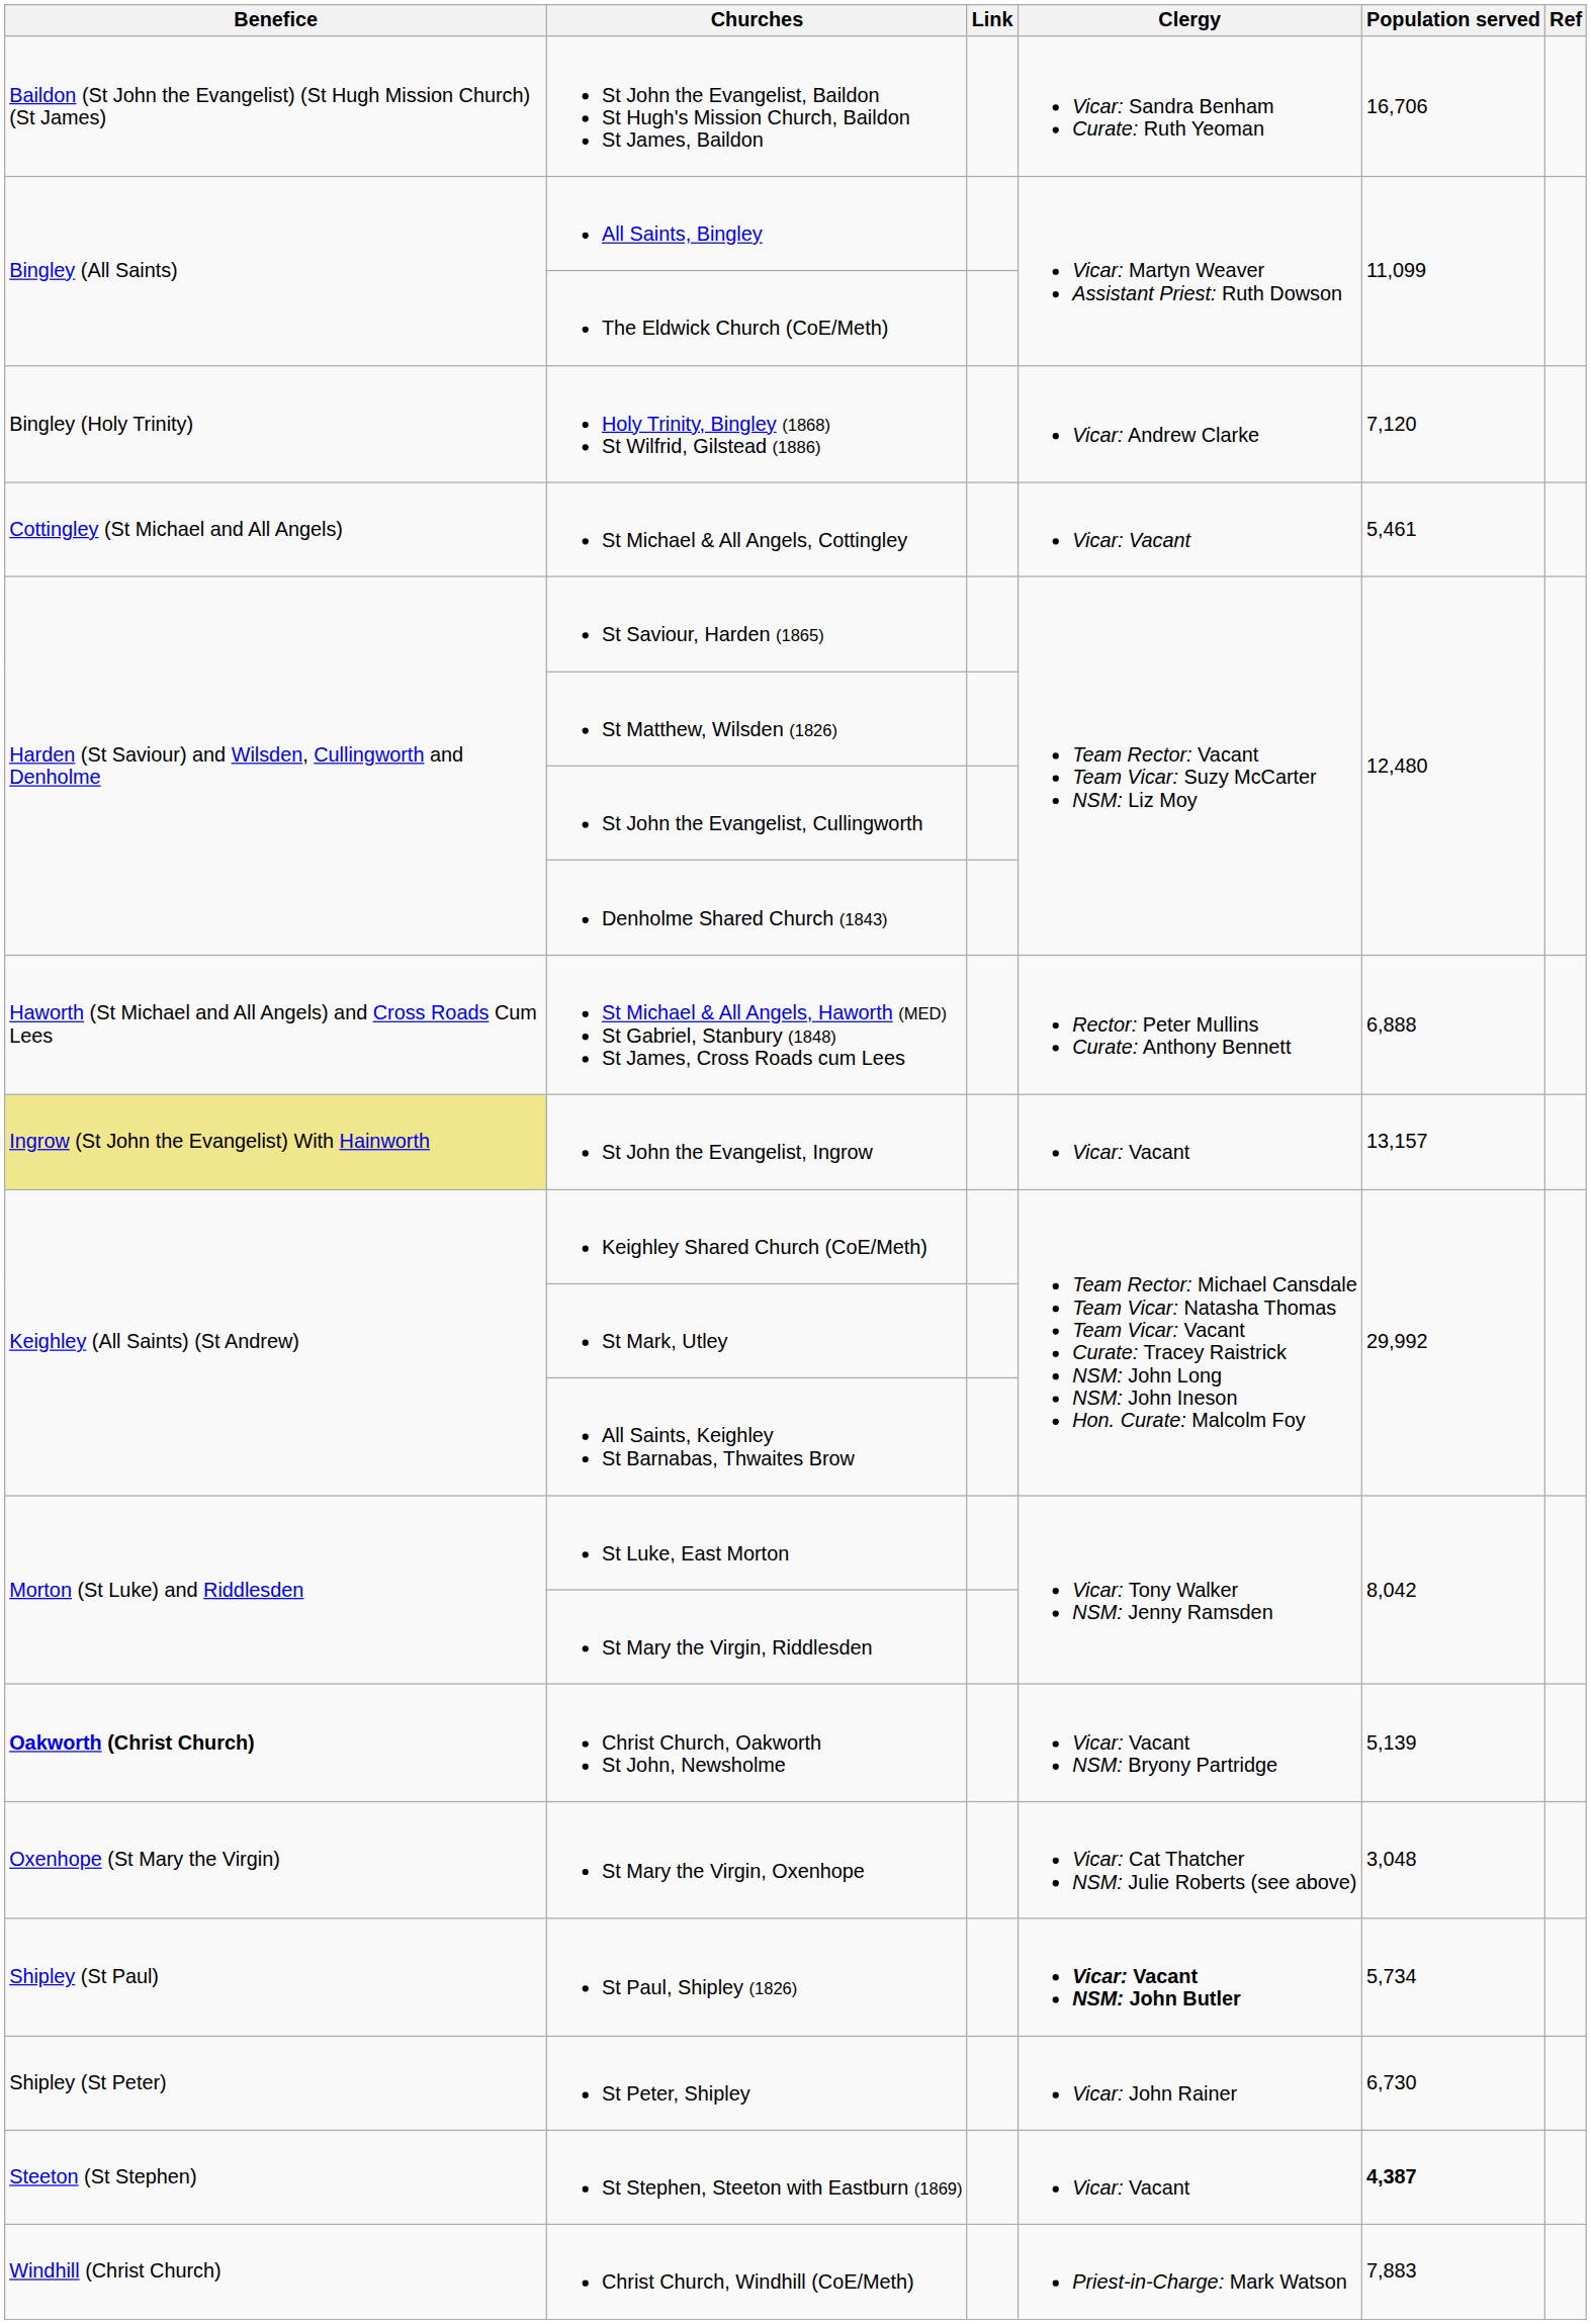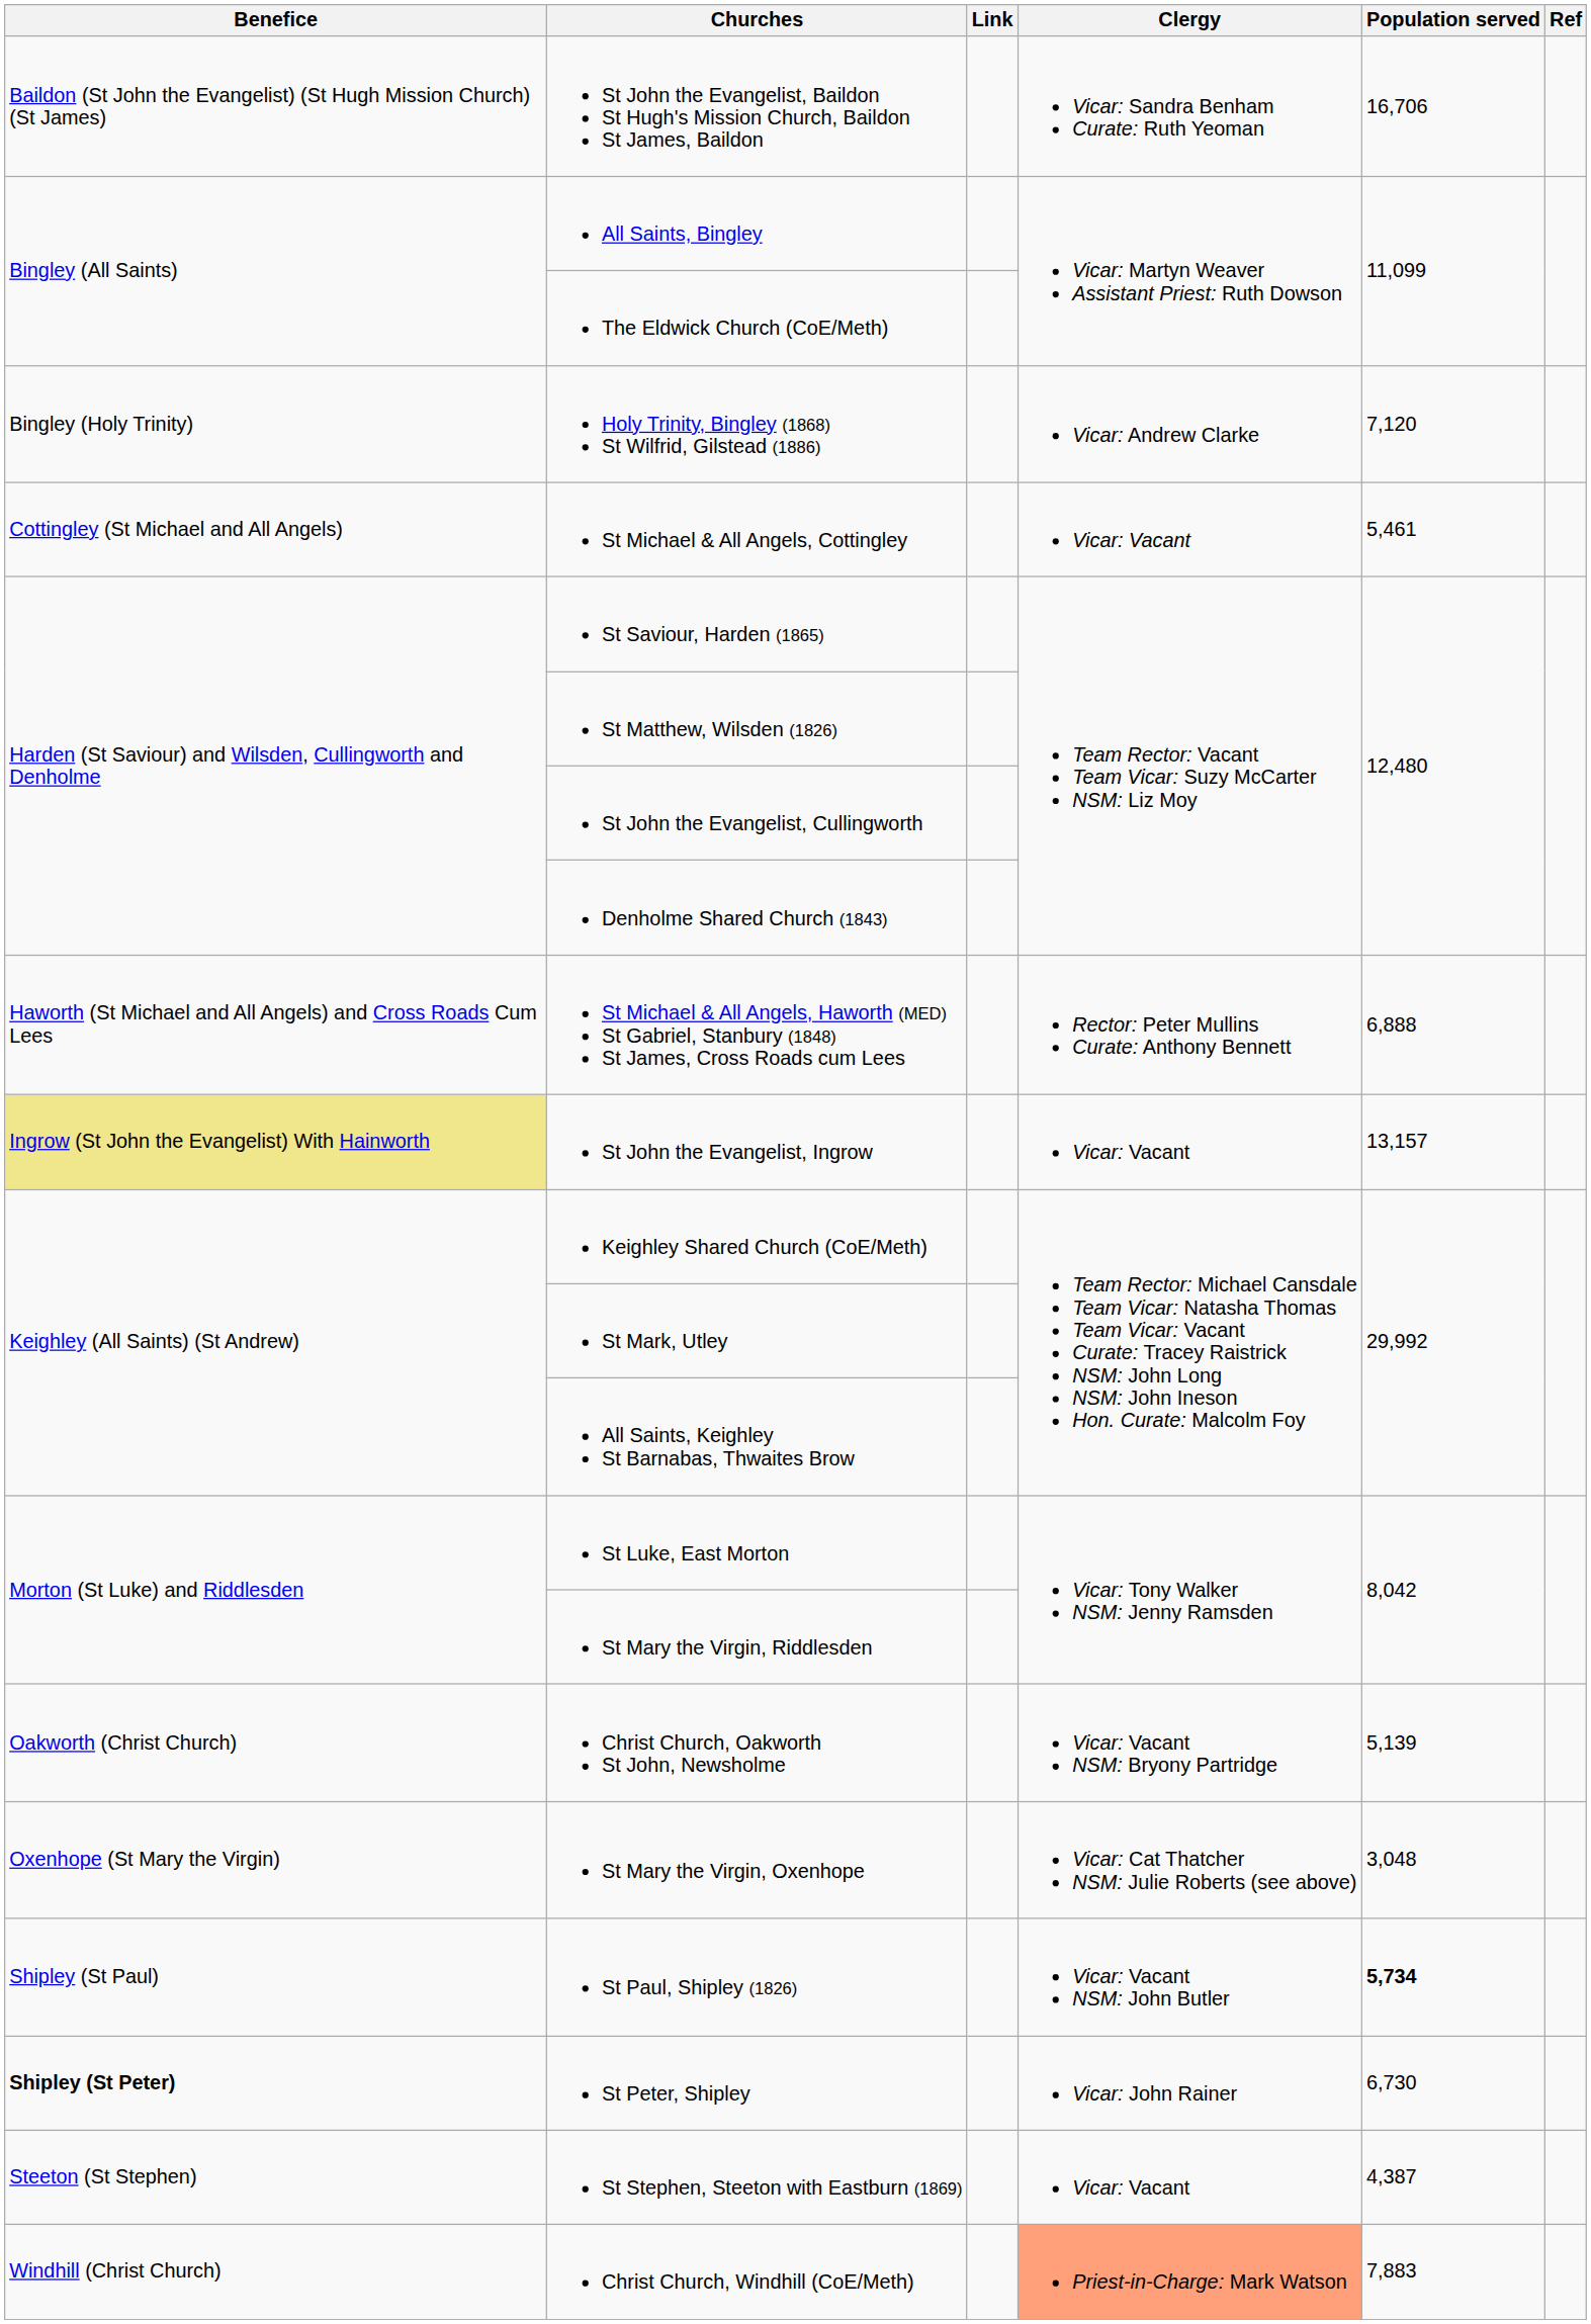 <table class="wikitable">
 <tr>
 <th style="width:425px;">Benefice</th>
 <th>Churches</th>
 <th>Link</th>
 <th>Clergy</th>
 <th>Population served</th>
 <th>Ref</th>
 </tr>
 <tr>
 <td><a href='#'>Baildon</a> (St John the Evangelist) (St Hugh Mission Church) (St James)</td>
 <td><br><ul><li>St John the Evangelist, Baildon</li><li>St Hugh's Mission Church, Baildon</li><li>St James, Baildon</li></ul></td>
 <td></td>
 <td><br><ul><li><em>Vicar:</em> Sandra Benham</li><li><em>Curate:</em> Ruth Yeoman</li></ul></td>
 <td>16,706</td>
 <td></td>
 </tr>
 <tr>
 <td rowspan="2"><a href='#'>Bingley</a> (All Saints)</td>
 <td><br><ul><li><a href='#'>All Saints, Bingley</a></li></ul></td>
 <td></td>
 <td rowspan="2"><br><ul><li><em>Vicar:</em> Martyn Weaver</li><li><em>Assistant Priest:</em> Ruth Dowson</li></ul></td>
 <td rowspan="2">11,099</td>
 <td rowspan="2"></td>
 </tr>
 <tr>
 <td><br><ul><li>The Eldwick Church (CoE/Meth)</li></ul></td>
 <td></td>
 </tr>
 <tr>
 <td>Bingley (Holy Trinity)</td>
 <td><br><ul><li><a href='#'>Holy Trinity, Bingley</a> <small>(1868)</small></li><li>St Wilfrid, Gilstead <small>(1886)</small></li></ul></td>
 <td></td>
 <td><br><ul><li><em>Vicar:</em> Andrew Clarke</li></ul></td>
 <td>7,120</td>
 <td></td>
 </tr>
 <tr>
 <td><a href='#'>Cottingley</a> (St Michael and All Angels)</td>
 <td><br><ul><li>St Michael & All Angels, Cottingley</li></ul></td>
 <td></td>
 <td><br><ul><li><em>Vicar: Vacant</em></li></ul></td>
 <td>5,461</td>
 <td></td>
 </tr>
 <tr>
 <td rowspan="4"><a href='#'>Harden</a> (St Saviour) and <a href='#'>Wilsden</a>, <a href='#'>Cullingworth</a> and <a href='#'>Denholme</a></td>
 <td><br><ul><li>St Saviour, Harden <small>(1865)</small></li></ul></td>
 <td></td>
 <td rowspan="4"><br><ul><li><em>Team Rector:</em> Vacant</li><li><em>Team Vicar:</em> Suzy McCarter</li><li><em>NSM:</em> Liz Moy</li></ul></td>
 <td rowspan="4">12,480</td>
 <td rowspan="4"></td>
 </tr>
 <tr>
 <td><br><ul><li>St Matthew, Wilsden <small>(1826)</small></li></ul></td>
 <td></td>
 </tr>
 <tr>
 <td><br><ul><li>St John the Evangelist, Cullingworth</li></ul></td>
 <td></td>
 </tr>
 <tr>
 <td><br><ul><li>Denholme Shared Church <small>(1843)</small></li></ul></td>
 <td></td>
 </tr>
 <tr>
 <td><a href='#'>Haworth</a> (St Michael and All Angels) and <a href='#'>Cross Roads</a> Cum Lees</td>
 <td><br><ul><li><a href='#'>St Michael & All Angels, Haworth</a> <small>(MED)</small></li><li>St Gabriel, Stanbury <small>(1848)</small></li><li>St James, Cross Roads cum Lees</li></ul></td>
 <td></td>
 <td><br><ul><li><em>Rector:</em> Peter Mullins</li><li><em>Curate:</em> Anthony Bennett</li></ul></td>
 <td>6,888</td>
 <td></td>
 </tr>
 <tr>
 <td style="background: khaki;"><a href='#'>Ingrow</a> (St John the Evangelist) With <a href='#'>Hainworth</a></td>
 <td><br><ul><li>St John the Evangelist, Ingrow</li></ul></td>
 <td></td>
 <td><br><ul><li><em>Vicar:</em> Vacant</li></ul></td>
 <td>13,157</td>
 <td></td>
 </tr>
 <tr>
 <td rowspan="3"><a href='#'>Keighley</a> (All Saints) (St Andrew)</td>
 <td><br><ul><li>Keighley Shared Church (CoE/Meth)</li></ul></td>
 <td></td>
 <td rowspan="3"><br><ul><li><em>Team Rector:</em> Michael Cansdale</li><li><em>Team Vicar:</em> Natasha Thomas</li><li><em>Team Vicar:</em> Vacant</li><li><em>Curate:</em> Tracey Raistrick</li><li><em>NSM:</em> John Long</li><li><em>NSM:</em> John Ineson</li><li><em>Hon. Curate:</em> Malcolm Foy</li></ul></td>
 <td rowspan="3">29,992</td>
 <td rowspan="3"></td>
 </tr>
 <tr>
 <td><br><ul><li>St Mark, Utley</li></ul></td>
 <td></td>
 </tr>
 <tr>
 <td><br><ul><li>All Saints, Keighley</li><li>St Barnabas, Thwaites Brow</li></ul></td>
 <td></td>
 </tr>
 <tr>
 <td rowspan="2"><a href='#'>Morton</a> (St Luke) and <a href='#'>Riddlesden</a></td>
 <td><br><ul><li>St Luke, East Morton</li></ul></td>
 <td></td>
 <td rowspan="2"><br><ul><li><em>Vicar:</em> Tony Walker</li><li><em>NSM:</em> Jenny Ramsden</li></ul></td>
 <td rowspan="2">8,042</td>
 <td rowspan="2"></td>
 </tr>
 <tr>
 <td><br><ul><li>St Mary the Virgin, Riddlesden</li></ul></td>
 <td></td>
 </tr>
 <tr>
-<td><strong><a href='#'>Oakworth</a> (Christ Church)</strong></td>
+<td><a href='#'>Oakworth</a> (Christ Church)</td>
 <td><br><ul><li>Christ Church, Oakworth</li><li>St John, Newsholme</li></ul></td>
 <td></td>
 <td><br><ul><li><em>Vicar:</em> Vacant</li><li><em>NSM:</em> Bryony Partridge</li></ul></td>
 <td>5,139</td>
 <td></td>
 </tr>
 <tr>
 <td><a href='#'>Oxenhope</a> (St Mary the Virgin)</td>
 <td><br><ul><li>St Mary the Virgin, Oxenhope</li></ul></td>
 <td></td>
 <td><br><ul><li><em>Vicar:</em> Cat Thatcher</li><li><em>NSM:</em> Julie Roberts (see above)</li></ul></td>
 <td>3,048</td>
 <td></td>
 </tr>
 <tr>
 <td><a href='#'>Shipley</a> (St Paul)</td>
 <td><br><ul><li>St Paul, Shipley <small>(1826)</small></li></ul></td>
 <td></td>
-<td><strong><br><ul><li><em>Vicar:</em> Vacant</li><li><em>NSM:</em> John Butler</li></ul></strong></td>
-<td>5,734</td>
+<td><br><ul><li><em>Vicar:</em> Vacant</li><li><em>NSM:</em> John Butler</li></ul></td>
+<td><strong>5,734</strong></td>
 <td></td>
 </tr>
 <tr>
-<td>Shipley (St Peter)</td>
+<td><strong>Shipley (St Peter)</strong></td>
 <td><br><ul><li>St Peter, Shipley</li></ul></td>
 <td></td>
 <td><br><ul><li><em>Vicar:</em> John Rainer</li></ul></td>
 <td>6,730</td>
 <td></td>
 </tr>
 <tr>
 <td><a href='#'>Steeton</a> (St Stephen)</td>
 <td><br><ul><li>St Stephen, Steeton with Eastburn <small>(1869)</small></li></ul></td>
 <td></td>
 <td><br><ul><li><em>Vicar:</em> Vacant</li></ul></td>
-<td><strong>4,387</strong></td>
+<td>4,387</td>
 <td></td>
 </tr>
 <tr>
 <td><a href='#'>Windhill</a> (Christ Church)</td>
 <td><br><ul><li>Christ Church, Windhill (CoE/Meth)</li></ul></td>
 <td></td>
-<td><br><ul><li><em>Priest-in-Charge:</em> Mark Watson</li></ul></td>
+<td style="background: lightsalmon;"><br><ul><li><em>Priest-in-Charge:</em> Mark Watson</li></ul></td>
 <td>7,883</td>
 <td></td>
 </tr>
 </table>
